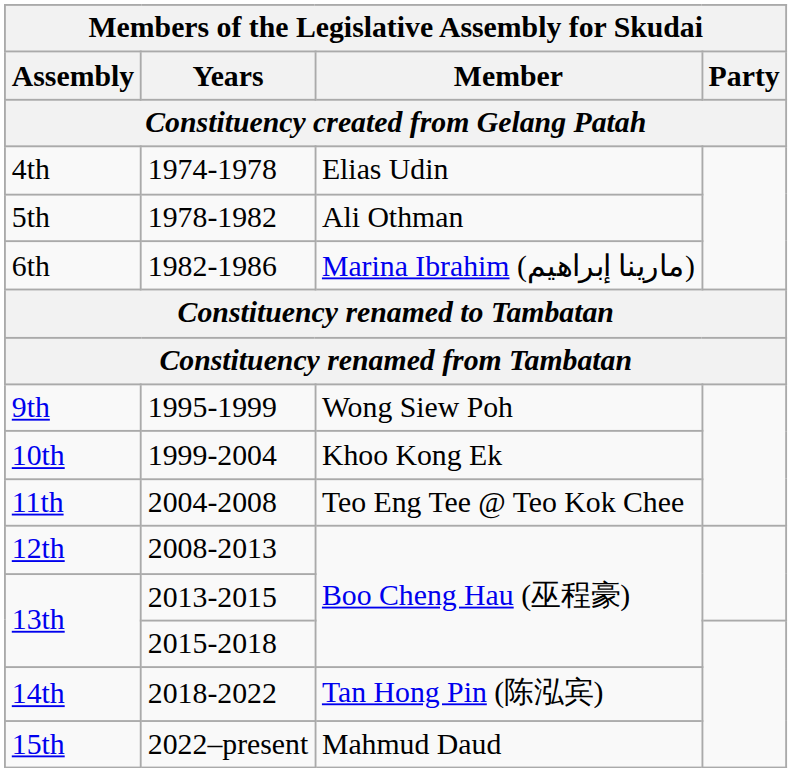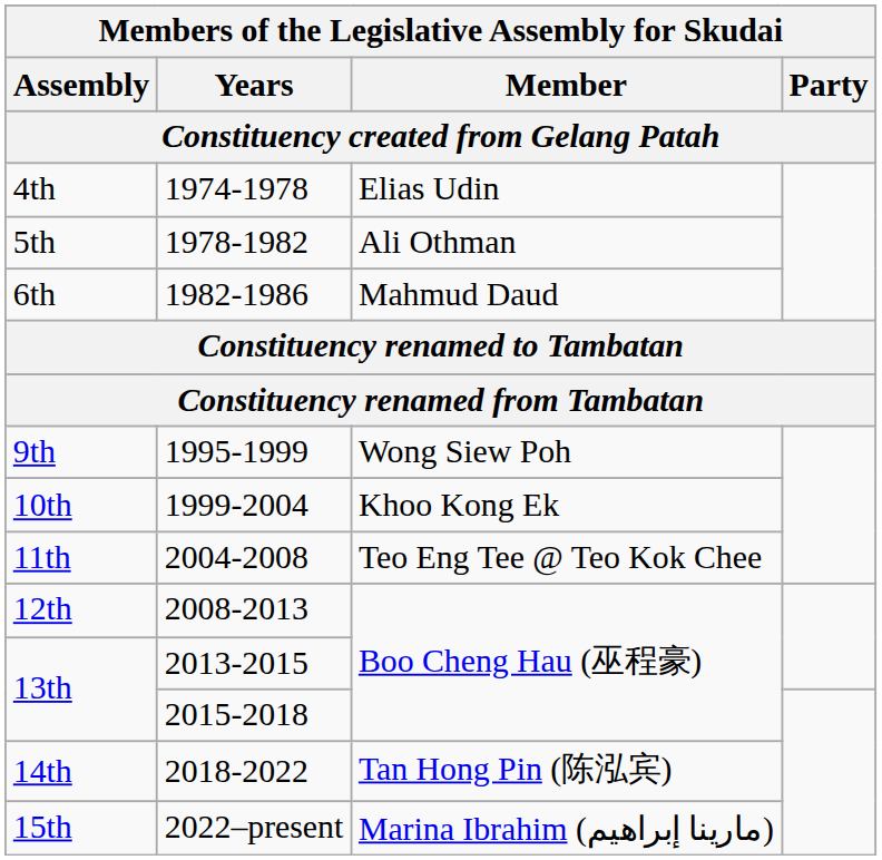 <table class=wikitable>
 <tr>
 <th colspan=4>Members of the Legislative Assembly for Skudai</th>
 </tr>
 <tr>
 <th>Assembly</th>
 <th>Years</th>
 <th>Member</th>
 <th>Party</th>
 </tr>
 <tr>
 <th colspan=4 align=center><em>Constituency created from Gelang Patah</em></th>
 </tr>
 <tr>
 <td>4th</td>
 <td>1974-1978</td>
 <td>Elias Udin</td>
 <td rowspan="3"></td>
 </tr>
 <tr>
 <td>5th</td>
 <td>1978-1982</td>
 <td>Ali Othman</td>
 </tr>
 <tr>
 <td>6th</td>
 <td>1982-1986</td>
-<td><a href='#'>Marina Ibrahim</a> (مارينا إبراهيم)</td>
+<td>Mahmud Daud</td>
 </tr>
 <tr>
 <th colspan="4"><em>Constituency renamed to Tambatan</em></th>
 </tr>
 <tr>
 <th colspan="4"><em>Constituency renamed from Tambatan</em></th>
 </tr>
 <tr>
 <td><a href='#'>9th</a></td>
 <td>1995-1999</td>
 <td>Wong Siew Poh</td>
 <td rowspan="3"></td>
 </tr>
 <tr>
 <td><a href='#'>10th</a></td>
 <td>1999-2004</td>
 <td>Khoo Kong Ek</td>
 </tr>
 <tr>
 <td><a href='#'>11th</a></td>
 <td>2004-2008</td>
 <td>Teo Eng Tee @ Teo Kok Chee</td>
 </tr>
 <tr>
 <td><a href='#'>12th</a></td>
 <td>2008-2013</td>
 <td rowspan=3><a href='#'>Boo Cheng Hau</a> (巫程豪)</td>
 <td rowspan=2></td>
 </tr>
 <tr>
 <td rowspan=2><a href='#'>13th</a></td>
 <td>2013-2015</td>
 </tr>
 <tr>
 <td>2015-2018</td>
 <td rowspan=3></td>
 </tr>
 <tr>
 <td><a href='#'>14th</a></td>
 <td>2018-2022</td>
 <td><a href='#'>Tan Hong Pin</a> (陈泓宾)</td>
 </tr>
 <tr>
 <td><a href='#'>15th</a></td>
 <td>2022–present</td>
-<td>Mahmud Daud</td>
+<td><a href='#'>Marina Ibrahim</a> (مارينا إبراهيم)</td>
 </tr>
 </table>
